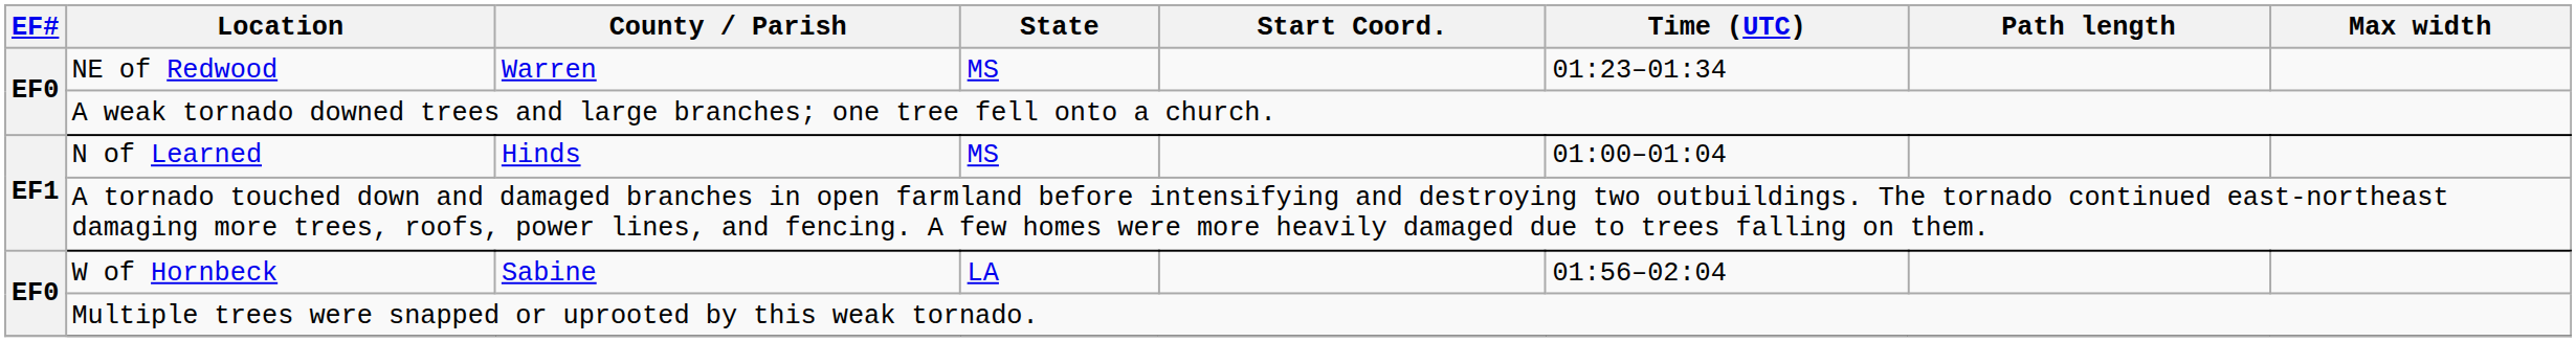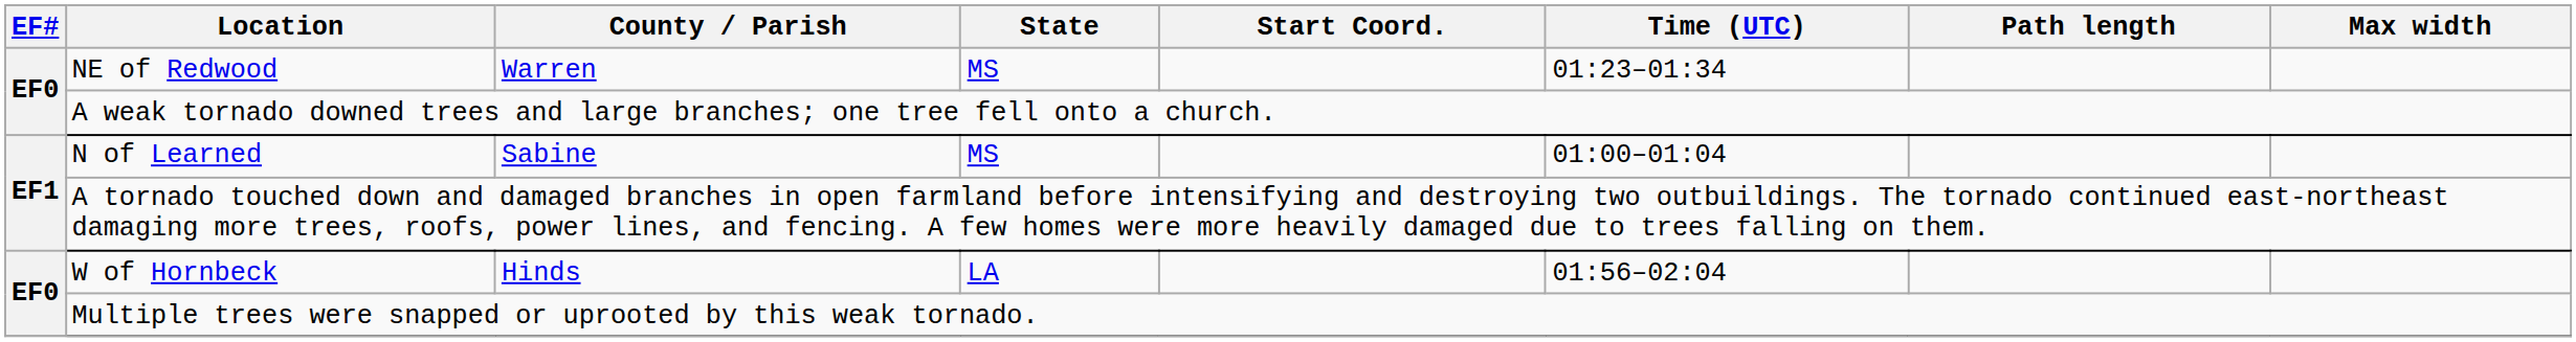 <table class="wikitable sortable" style="width:100%;">
 <tr>
 <th scope="col" width="2%" align="center"><a href='#'>EF#</a></th>
 <th scope="col" align="center" class="unsortable">Location</th>
 <th scope="col" align="center" class="unsortable">County / Parish</th>
 <th scope="col" align="center">State</th>
 <th scope="col" align="center">Start Coord.</th>
 <th scope="col" align="center">Time (<a href='#'>UTC</a>)</th>
 <th scope="col" align="center">Path length</th>
 <th scope="col" align="center">Max width</th>
 </tr>
 <tr>
 <th scope="row" rowspan="2" style="background-color:#">EF0</th>
 <td>NE of <a href='#'>Redwood</a></td>
 <td><a href='#'>Warren</a></td>
 <td><a href='#'>MS</a></td>
 <td></td>
 <td>01:23–01:34</td>
 <td></td>
 <td></td>
 </tr>
 <tr class="expand-child">
 <td colspan="8" style=" border-bottom: 1px solid black;">A weak tornado downed trees and large branches; one tree fell onto a church.</td>
 </tr>
 <tr>
 <th scope="row" rowspan="2" style="background-color:#">EF1</th>
 <td>N of <a href='#'>Learned</a></td>
-<td><a href='#'>Hinds</a></td>
+<td><a href='#'>Sabine</a></td>
 <td><a href='#'>MS</a></td>
 <td></td>
 <td>01:00–01:04</td>
 <td></td>
 <td></td>
 </tr>
 <tr class="expand-child">
 <td colspan="8" style=" border-bottom: 1px solid black;">A tornado touched down and damaged branches in open farmland before intensifying and destroying two outbuildings. The tornado continued east-northeast damaging more trees, roofs, power lines, and fencing. A few homes were more heavily damaged due to trees falling on them.</td>
 </tr>
 <tr>
 <th scope="row" rowspan="2" style="background-color:#">EF0</th>
 <td>W of <a href='#'>Hornbeck</a></td>
-<td><a href='#'>Sabine</a></td>
+<td><a href='#'>Hinds</a></td>
 <td><a href='#'>LA</a></td>
 <td></td>
 <td>01:56–02:04</td>
 <td></td>
 <td></td>
 </tr>
 <tr class="expand-child">
 <td colspan="8" style=" border-bottom: 1px solid black;">Multiple trees were snapped or uprooted by this weak tornado.</td>
 </tr>
 <tr>
 </tr>
 </table>
